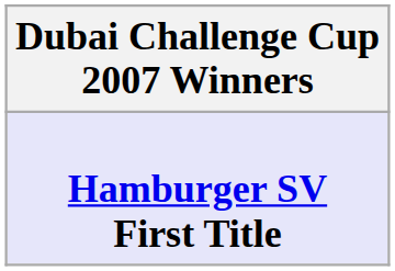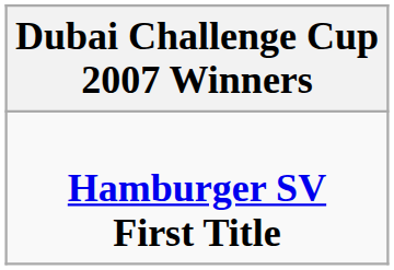 <table class="wikitable" style="text-align: center; margin: 0 auto;">
 <tr>
 <th>Dubai Challenge Cup<br>2007 Winners</th>
 </tr>
 <tr>
-<td style="background: lavender;"><br><strong><a href='#'>Hamburger SV</a></strong><br><strong>First Title</strong></td>
+<td><br><strong><a href='#'>Hamburger SV</a></strong><br><strong>First Title</strong></td>
 </tr>
 </table>
